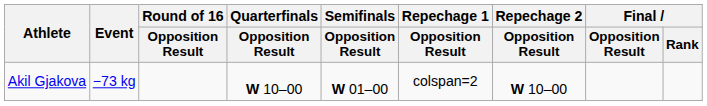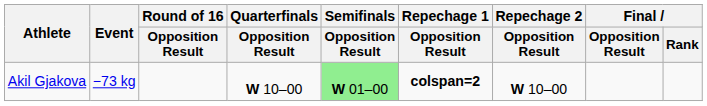 <table class="wikitable" style="font-size:90%">
 <tr>
 <th rowspan="2">Athlete</th>
 <th rowspan="2">Event</th>
 <th>Round of 16</th>
 <th>Quarterfinals</th>
 <th>Semifinals</th>
 <th>Repechage 1</th>
 <th>Repechage 2</th>
 <th colspan=2>Final / </th>
 </tr>
 <tr style="font-size:95%">
 <th>Opposition<br>Result</th>
 <th>Opposition<br>Result</th>
 <th>Opposition<br>Result</th>
 <th>Opposition<br>Result</th>
 <th>Opposition<br>Result</th>
 <th>Opposition<br>Result</th>
 <th>Rank</th>
 </tr>
 <tr align=center>
 <td align=left><a href='#'>Akil Gjakova</a></td>
 <td align=left><a href='#'>−73 kg</a></td>
 <td></td>
 <td><br><strong>W</strong> 10–00</td>
-<td><br><strong>W</strong> 01–00</td>
-<td>colspan=2 </td>
+<td style="background: lightgreen;"><br><strong>W</strong> 01–00</td>
+<td><strong>colspan=2 </strong></td>
 <td><br><strong>W</strong> 10–00</td>
 <td></td>
 </tr>
 </table>
